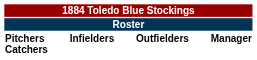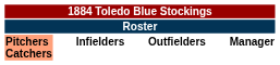 <table class="toccolours" style="font-size: 95%;">
 <tr>
 <th colspan="10" style="background-color: #990000; color: white; text-align: center;">1884 Toledo Blue Stockings</th>
 </tr>
 <tr>
 <td colspan="10" style="background-color: #023456; color: white; text-align: center;"><strong>Roster</strong></td>
 </tr>
 <tr>
-<td valign="top"><strong>Pitchers</strong><br>   <strong>Catchers</strong>    </td>
+<td valign="top" style="background: lightsalmon;"><strong>Pitchers</strong><br>   <strong>Catchers</strong>    </td>
 <td width="25px"></td>
 <td valign="top"><strong>Infielders</strong><br>       </td>
 <td width="25px"></td>
 <td valign="top"><strong>Outfielders</strong><br>     </td>
 <td width="25px"></td>
 <td valign="top"><strong>Manager</strong><br></td>
 </tr>
 </table>
